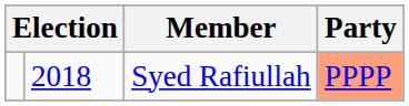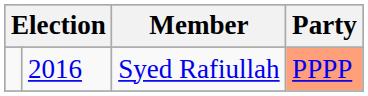 <table class="wikitable">
 <tr>
 <th colspan="2">Election</th>
 <th>Member</th>
 <th>Party</th>
 </tr>
 <tr>
 <td style="background-color: "></td>
-<td><a href='#'>2018</a></td>
+<td><a href='#'>2016</a></td>
 <td><a href='#'>Syed Rafiullah</a></td>
 <td style="background: lightsalmon;"><a href='#'>PPPP</a></td>
 </tr>
 </table>
